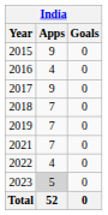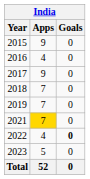 <table class="wikitable" style="text-align:center">
 <tr>
 <th colspan=3><a href='#'>India</a></th>
 </tr>
 <tr>
 <th>Year</th>
 <th>Apps</th>
 <th>Goals</th>
 </tr>
 <tr>
 <td>2015</td>
 <td>9</td>
 <td>0</td>
 </tr>
 <tr>
 <td>2016</td>
 <td>4</td>
 <td>0</td>
 </tr>
 <tr>
 <td>2017</td>
 <td>9</td>
 <td>0</td>
 </tr>
 <tr>
 <td>2018</td>
 <td>7</td>
 <td>0</td>
 </tr>
 <tr>
 <td>2019</td>
 <td>7</td>
 <td>0</td>
 </tr>
 <tr>
 <td>2021</td>
-<td>7</td>
+<td style="background: gold;">7</td>
 <td>0</td>
 </tr>
 <tr>
 <td>2022</td>
 <td>4</td>
-<td>0</td>
+<td><strong>0</strong></td>
 </tr>
 <tr>
 <td>2023</td>
-<td style="background: lightgrey;">5</td>
+<td>5</td>
 <td>0</td>
 </tr>
 <tr>
 <th>Total</th>
 <th>52</th>
 <th>0</th>
 </tr>
 </table>
